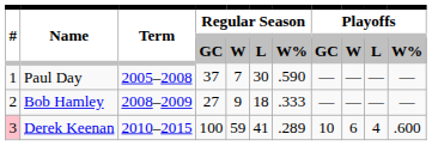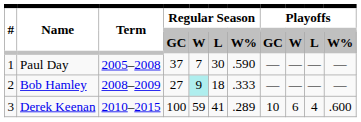 <table class="wikitable">
 <tr>
 <th rowspan="2" style="background:#FFFFFF;border-top:black 5px solid;border-bottom:silver 5px solid;">#</th>
 <th rowspan="2" style="background:#FFFFFF;border-top:black 5px solid;border-bottom:silver 5px solid;">Name</th>
 <th rowspan="2" style="background:#FFFFFF;border-top:black 5px solid;border-bottom:silver 5px solid;">Term</th>
 <th colspan="4" style="background:#FFFFFF;border-top:black 5px solid;border-bottom:silver 5px solid;">Regular Season</th>
 <th colspan="4" style="background:#FFFFFF;border-top:black 5px solid;border-bottom:silver 5px solid;">Playoffs</th>
 </tr>
 <tr>
 <th style="background: silver; color: black">GC</th>
 <th style="background: silver; color: black">W</th>
 <th style="background: silver; color: black">L</th>
 <th style="background: silver; color: black">W%</th>
 <th style="background: silver; color: black">GC</th>
 <th style="background: silver; color: black">W</th>
 <th style="background: silver; color: black">L</th>
 <th style="background: silver; color: black">W%</th>
 </tr>
 <tr>
 <td align=center>1</td>
 <td>Paul Day</td>
 <td align=center><a href='#'>2005</a>–<a href='#'>2008</a></td>
 <td align=center>37</td>
 <td align=center>7</td>
 <td align=center>30</td>
 <td align=center>.590</td>
 <td align=center>—</td>
 <td align=center>—</td>
 <td align=center>—</td>
 <td align=center>—</td>
 </tr>
 <tr>
 <td align=center>2</td>
 <td><a href='#'>Bob Hamley</a></td>
 <td align=center><a href='#'>2008</a>–<a href='#'>2009</a></td>
 <td align=center>27</td>
-<td align=center>9</td>
+<td align=center style="background: paleturquoise;">9</td>
 <td align=center>18</td>
 <td align=center>.333</td>
 <td align=center>—</td>
 <td align=center>—</td>
 <td align=center>—</td>
 <td align=center>—</td>
 </tr>
 <tr>
-<td align=center style="background: pink;">3</td>
+<td align=center>3</td>
 <td><a href='#'>Derek Keenan</a></td>
 <td align=center><a href='#'>2010</a>–<a href='#'>2015</a></td>
 <td align=center>100</td>
 <td align=center>59</td>
 <td align=center>41</td>
 <td align=center>.289</td>
 <td align=center>10</td>
 <td align=center>6</td>
 <td align=center>4</td>
 <td align=center>.600</td>
 </tr>
 </table>
